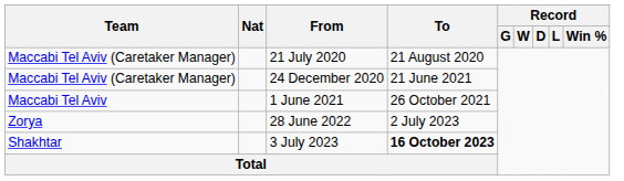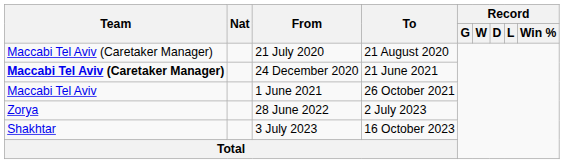 <table class="wikitable" style="text-align: center">
 <tr>
 <th rowspan="2">Team</th>
 <th rowspan="2">Nat</th>
 <th rowspan="2">From</th>
 <th rowspan="2">To</th>
 <th colspan="5">Record</th>
 </tr>
 <tr>
 <th>G</th>
 <th>W</th>
 <th>D</th>
 <th>L</th>
 <th>Win %</th>
 </tr>
 <tr>
 <td align=left><a href='#'>Maccabi Tel Aviv</a> (Caretaker Manager)</td>
 <td></td>
 <td align=left>21 July 2020</td>
 <td align=left>21 August 2020<br></td>
 </tr>
 <tr>
-<td align=left><a href='#'>Maccabi Tel Aviv</a> (Caretaker Manager)</td>
+<td align=left><strong><a href='#'>Maccabi Tel Aviv</a> (Caretaker Manager)</strong></td>
 <td></td>
 <td align=left>24 December 2020</td>
 <td align=left>21 June 2021<br></td>
 </tr>
 <tr>
 <td align=left><a href='#'>Maccabi Tel Aviv</a></td>
 <td></td>
 <td align=left>1 June 2021</td>
 <td align=left>26 October 2021<br></td>
 </tr>
 <tr>
 <td align=left><a href='#'>Zorya</a></td>
 <td></td>
 <td align=left>28 June 2022</td>
 <td align=left>2 July 2023<br></td>
 </tr>
 <tr>
 <td align=left><a href='#'>Shakhtar</a></td>
 <td></td>
 <td align=left>3 July 2023</td>
-<td align=left><strong>16 October 2023<br></strong></td>
+<td align=left>16 October 2023<br></td>
 </tr>
 <tr>
 <th colspan="4">Total<br></th>
 </tr>
 </table>
